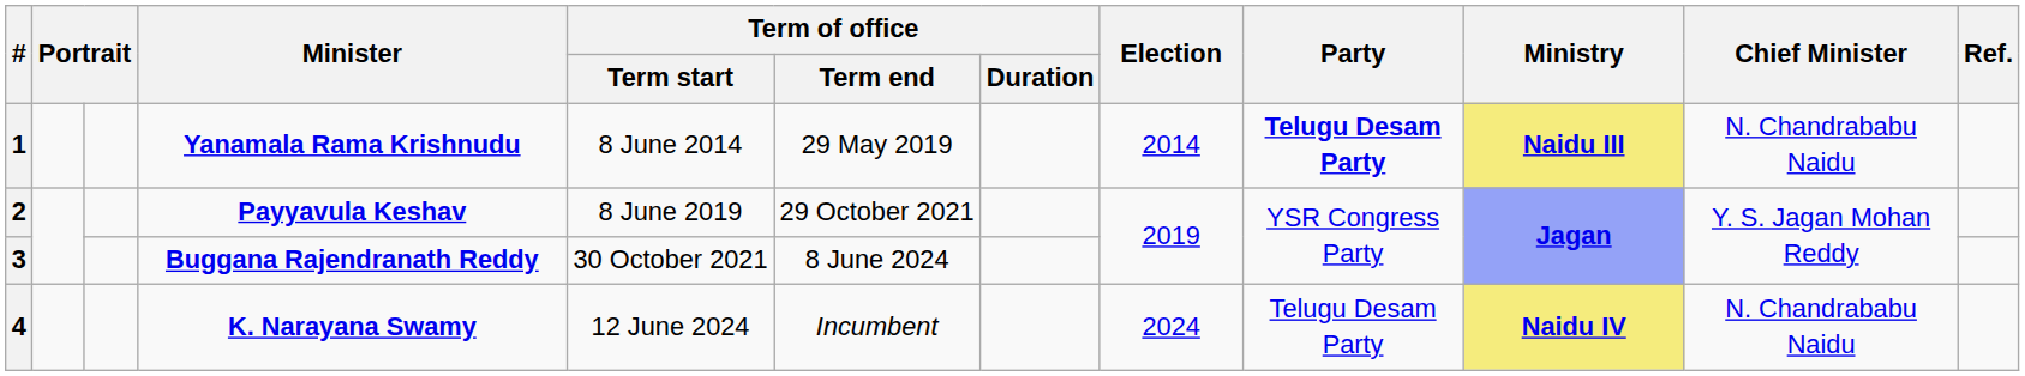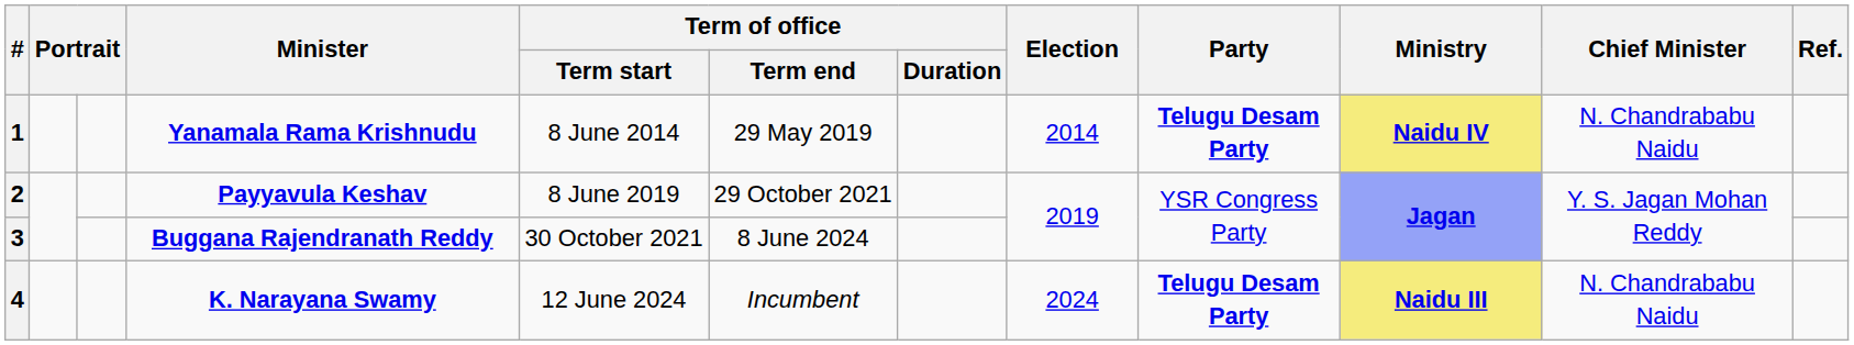 <table class="wikitable" style="line-height:1.4em; text-align:center">
 <tr>
 <th rowspan=2>#</th>
 <th rowspan=2 colspan="2">Portrait</th>
 <th rowspan=2 style="width:16em">Minister<br></th>
 <th colspan="3">Term of office</th>
 <th rowspan=2 style="width:5em">Election<br></th>
 <th rowspan=2 style="width:8em">Party</th>
 <th rowspan=2 style="width:8em">Ministry</th>
 <th rowspan=2 style="width:10em">Chief Minister</th>
 <th rowspan=2>Ref.</th>
 </tr>
 <tr>
 <th>Term start</th>
 <th>Term end</th>
 <th>Duration</th>
 </tr>
 <tr>
 <th>1</th>
 <td></td>
 <td></td>
 <td><strong><a href='#'>Yanamala Rama Krishnudu</a></strong><br></td>
 <td>8 June 2014</td>
 <td>29 May 2019</td>
 <td><strong></strong></td>
 <td><a href='#'>2014</a><br></td>
 <td><strong><a href='#'>Telugu Desam Party</a></strong></td>
-<td bgcolor="#F5EC7D"><strong><a href='#'>Naidu III</a></strong></td>
+<td bgcolor="#F5EC7D"><strong><a href='#'>Naidu IV</a></strong></td>
 <td><a href='#'>N. Chandrababu Naidu</a></td>
 <td></td>
 </tr>
 <tr>
 <th>2</th>
 <td rowspan=2></td>
 <td></td>
 <td><strong><a href='#'>Payyavula Keshav</a></strong><br></td>
 <td>8 June 2019</td>
 <td>29 October 2021</td>
 <td><strong></strong></td>
 <td rowspan=2><a href='#'>2019</a><br></td>
 <td rowspan="2"><a href='#'>YSR Congress Party</a></td>
 <td rowspan=2 bgcolor="#94A2F7"><strong><a href='#'>Jagan</a></strong></td>
 <td rowspan="2"><a href='#'>Y. S. Jagan Mohan Reddy</a></td>
 <td></td>
 </tr>
 <tr>
 <th>3</th>
 <td></td>
 <td><strong><a href='#'>Buggana Rajendranath Reddy</a></strong><br></td>
 <td>30 October 2021</td>
 <td>8 June 2024</td>
 <td><strong></strong></td>
 <td></td>
 </tr>
 <tr>
 <th>4</th>
 <td></td>
 <td></td>
 <td><strong><a href='#'>K. Narayana Swamy</a></strong><br></td>
 <td>12 June 2024</td>
 <td><em>Incumbent</em></td>
 <td><strong></strong></td>
 <td><a href='#'>2024</a><br></td>
-<td><a href='#'>Telugu Desam Party</a></td>
-<td bgcolor="#F5EC7D"><strong><a href='#'>Naidu IV</a></strong></td>
+<td><strong><a href='#'>Telugu Desam Party</a></strong></td>
+<td bgcolor="#F5EC7D"><strong><a href='#'>Naidu III</a></strong></td>
 <td><a href='#'>N. Chandrababu Naidu</a></td>
 <td></td>
 </tr>
 </table>
